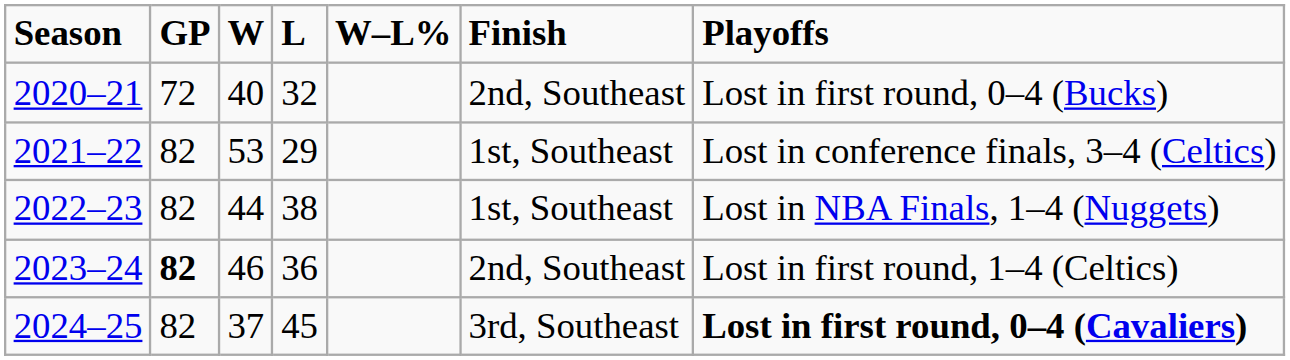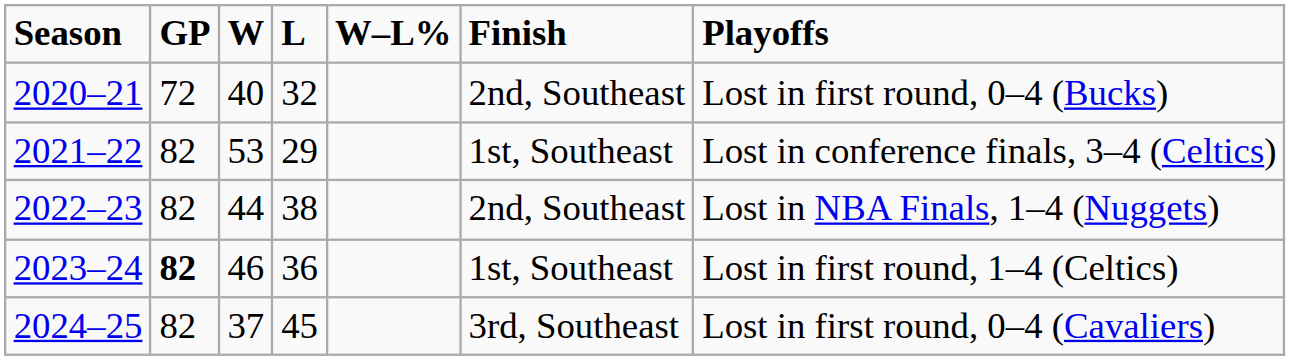 <table class="wikitable">
 <tr style="font-weight:bold; ">
 <td>Season</td>
 <td>GP</td>
 <td>W</td>
 <td>L</td>
 <td>W–L%</td>
 <td>Finish</td>
 <td>Playoffs</td>
 </tr>
 <tr>
 <td><a href='#'>2020–21</a></td>
 <td>72</td>
 <td>40</td>
 <td>32</td>
 <td></td>
 <td>2nd, Southeast</td>
 <td>Lost in first round, 0–4 (<a href='#'>Bucks</a>)</td>
 </tr>
 <tr>
 <td><a href='#'>2021–22</a></td>
 <td>82</td>
 <td>53</td>
 <td>29</td>
 <td></td>
 <td>1st, Southeast</td>
 <td>Lost in conference finals, 3–4 (<a href='#'>Celtics</a>)</td>
 </tr>
 <tr>
 <td><a href='#'>2022–23</a></td>
 <td>82</td>
 <td>44</td>
 <td>38</td>
 <td></td>
-<td>1st, Southeast</td>
+<td>2nd, Southeast</td>
 <td>Lost in <a href='#'>NBA Finals</a>, 1–4 (<a href='#'>Nuggets</a>)</td>
 </tr>
 <tr>
 <td><a href='#'>2023–24</a></td>
 <td><strong>82</strong></td>
 <td>46</td>
 <td>36</td>
 <td></td>
-<td>2nd, Southeast</td>
+<td>1st, Southeast</td>
 <td>Lost in first round, 1–4 (Celtics)</td>
 </tr>
 <tr>
 <td><a href='#'>2024–25</a></td>
 <td>82</td>
 <td>37</td>
 <td>45</td>
 <td></td>
 <td>3rd, Southeast</td>
-<td><strong>Lost in first round, 0–4 (<a href='#'>Cavaliers</a>)</strong></td>
+<td>Lost in first round, 0–4 (<a href='#'>Cavaliers</a>)</td>
 </tr>
 </table>
